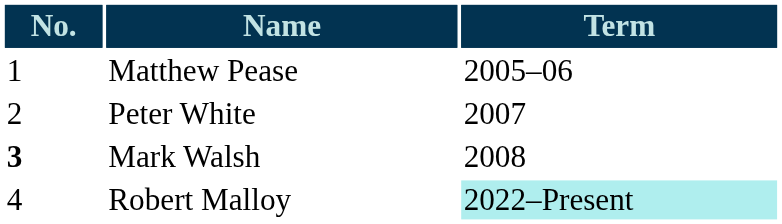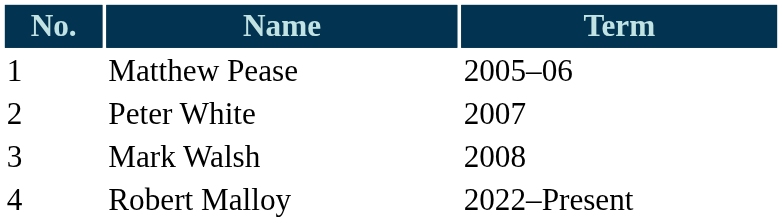 <table class="toccolours" style="width:25em">
 <tr>
 <th style="background:#023351;color:#c2e3e4;border:#023351 1px solid">No.</th>
 <th style="background:#023351;color:#c2e3e4;border:#023351 1px solid">Name</th>
 <th style="background:#023351;color:#c2e3e4;border:#023351 1px solid">Term</th>
 </tr>
 <tr>
 <td>1</td>
 <td> Matthew Pease</td>
 <td>2005–06</td>
 </tr>
 <tr>
 <td>2</td>
 <td> Peter White</td>
 <td>2007</td>
 </tr>
 <tr>
-<td><strong>3</strong></td>
+<td>3</td>
 <td> Mark Walsh</td>
 <td>2008</td>
 </tr>
 <tr>
 <td>4</td>
 <td> Robert Malloy</td>
-<td style="background: paleturquoise;">2022–Present</td>
+<td>2022–Present</td>
 </tr>
 <tr>
 </tr>
 </table>
